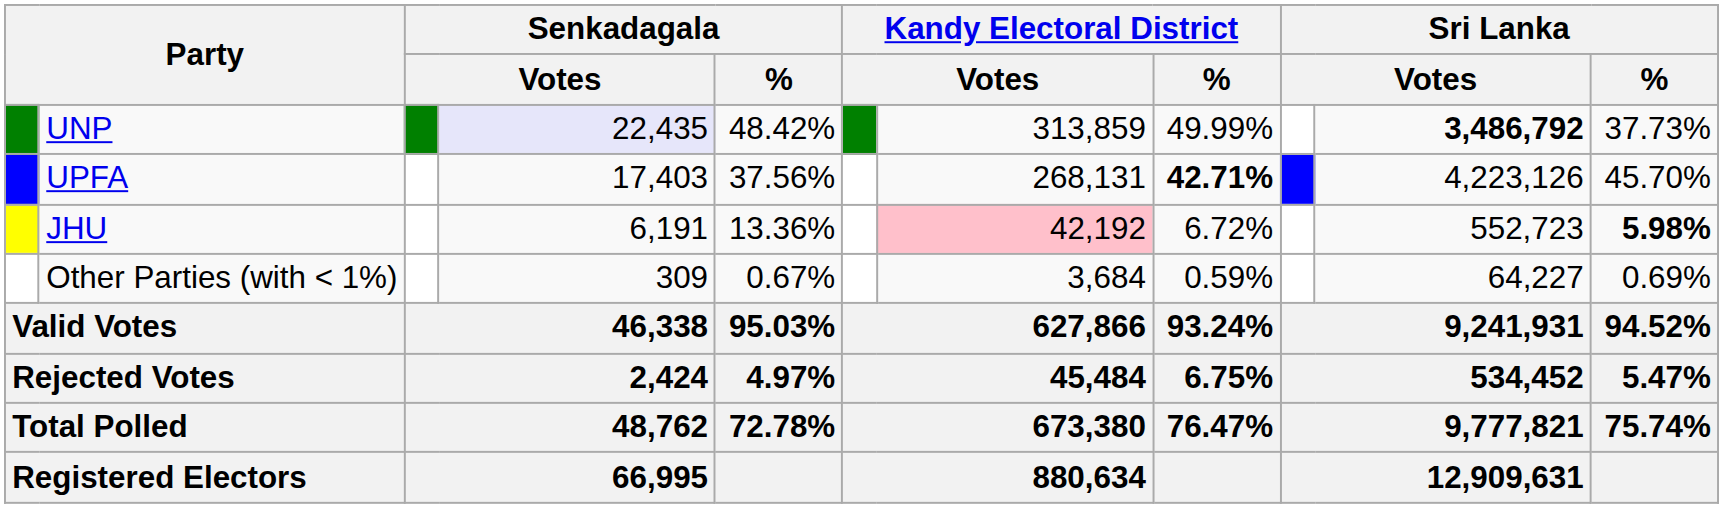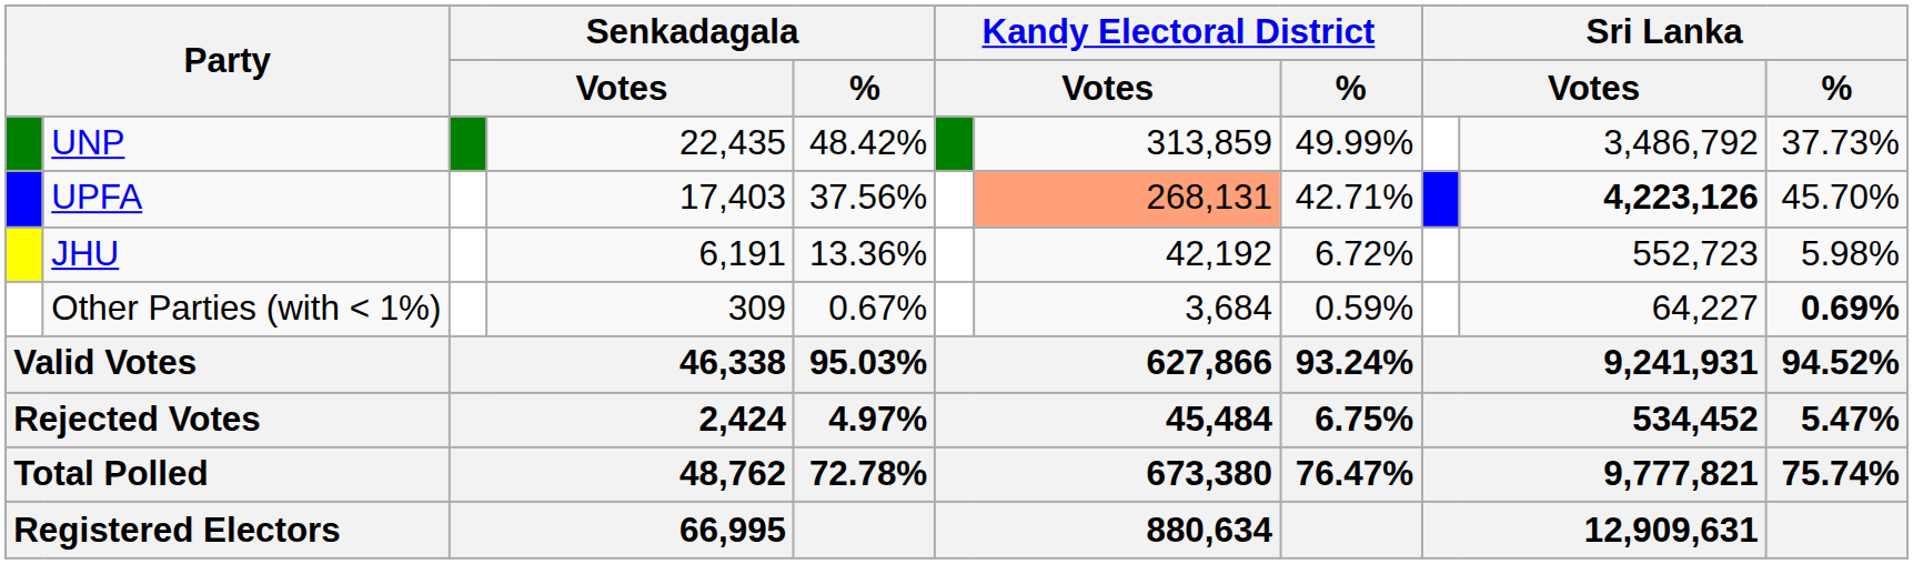 <table class="wikitable">
 <tr>
 <th colspan="2" width="144px"rowspan="2">Party</th>
 <th colspan="3" width="216px">Senkadagala</th>
 <th colspan="3" width="216px"><a href='#'>Kandy Electoral District</a></th>
 <th colspan="3" width="216px">Sri Lanka</th>
 </tr>
 <tr>
 <th colspan="2" width="144px">Votes</th>
 <th>%</th>
 <th colspan="2" width="144px">Votes</th>
 <th>%</th>
 <th colspan="2" width="144px">Votes</th>
 <th>%</th>
 </tr>
 <tr>
 <td style="background-color:green;" width="10px"></td>
 <td style="text-align:left;"><a href='#'>UNP</a></td>
 <td style="background-color:green;" width="10px"></td>
-<td style="background: lavender; text-align:right;">22,435</td>
+<td style="text-align:right;">22,435</td>
 <td style="text-align:right;">48.42%</td>
 <td style="background-color:green;" width="10px"></td>
 <td style="text-align:right;">313,859</td>
 <td style="text-align:right;">49.99%</td>
 <td style="background-color:white;" width="10px"></td>
-<td style="text-align:right;"><strong>3,486,792</strong></td>
+<td style="text-align:right;">3,486,792</td>
 <td style="text-align:right;">37.73%</td>
 </tr>
 <tr>
 <td style="background-color:blue;" width="10px"></td>
 <td style="text-align:left;"><a href='#'>UPFA</a></td>
 <td style="background-color:white;" width="10px"></td>
 <td style="text-align:right;">17,403</td>
 <td style="text-align:right;">37.56%</td>
 <td style="background-color:white;" width="10px"></td>
-<td style="text-align:right;">268,131</td>
-<td style="text-align:right;"><strong>42.71%</strong></td>
+<td style="background: lightsalmon; text-align:right;">268,131</td>
+<td style="text-align:right;">42.71%</td>
 <td style="background-color:blue;" width="10px"></td>
-<td style="text-align:right;">4,223,126</td>
+<td style="text-align:right;"><strong>4,223,126</strong></td>
 <td style="text-align:right;">45.70%</td>
 </tr>
 <tr>
 <td style="background-color:yellow;" width="10px"></td>
 <td style="text-align:left;"><a href='#'>JHU</a></td>
 <td style="background-color:white;" width="10px"></td>
 <td style="text-align:right;">6,191</td>
 <td style="text-align:right;">13.36%</td>
 <td style="background-color:white;" width="10px"></td>
-<td style="background: pink; text-align:right;">42,192</td>
+<td style="text-align:right;">42,192</td>
 <td style="text-align:right;">6.72%</td>
 <td style="background-color:white;" width="10px"></td>
 <td style="text-align:right;">552,723</td>
-<td style="text-align:right;"><strong>5.98%</strong></td>
+<td style="text-align:right;">5.98%</td>
 </tr>
 <tr>
 <td style="background-color:white;" width="10px"></td>
 <td style="text-align:left;">Other Parties (with < 1%)</td>
 <td style="background-color:white;" width="10px"></td>
 <td style="text-align:right;">309</td>
 <td style="text-align:right;">0.67%</td>
 <td style="background-color:white;" width="10px"></td>
 <td style="text-align:right;">3,684</td>
 <td style="text-align:right;">0.59%</td>
 <td style="background-color:white;" width="10px"></td>
 <td style="text-align:right;">64,227</td>
-<td style="text-align:right;">0.69%</td>
+<td style="text-align:right;"><strong>0.69%</strong></td>
 </tr>
 <tr>
 <th colspan="2" width="144px"style="text-align:left;">Valid Votes</th>
 <th style="text-align:right;"colspan="2" width="144px">46,338</th>
 <th style="text-align:right;">95.03%</th>
 <th style="text-align:right;"colspan="2" width="144px">627,866</th>
 <th style="text-align:right;">93.24%</th>
 <th style="text-align:right;"colspan="2" width="144px">9,241,931</th>
 <th style="text-align:right;">94.52%</th>
 </tr>
 <tr>
 <th colspan="2" width="144px"style="text-align:left;">Rejected Votes</th>
 <th style="text-align:right;"colspan="2" width="144px">2,424</th>
 <th style="text-align:right;">4.97%</th>
 <th style="text-align:right;"colspan="2" width="144px">45,484</th>
 <th style="text-align:right;">6.75%</th>
 <th style="text-align:right;"colspan="2" width="144px">534,452</th>
 <th style="text-align:right;">5.47%</th>
 </tr>
 <tr>
 <th colspan="2" width="144px"style="text-align:left;">Total Polled</th>
 <th style="text-align:right;"colspan="2" width="144px">48,762</th>
 <th style="text-align:right;">72.78%</th>
 <th style="text-align:right;"colspan="2" width="144px">673,380</th>
 <th style="text-align:right;">76.47%</th>
 <th style="text-align:right;"colspan="2" width="144px">9,777,821</th>
 <th style="text-align:right;">75.74%</th>
 </tr>
 <tr>
 <th colspan="2" width="144px"style="text-align:left;">Registered Electors</th>
 <th style="text-align:right;"colspan="2" width="144px">66,995</th>
 <th></th>
 <th style="text-align:right;"colspan="2" width="144px">880,634</th>
 <th></th>
 <th style="text-align:right;"colspan="2" width="144px">12,909,631</th>
 <th></th>
 </tr>
 </table>
